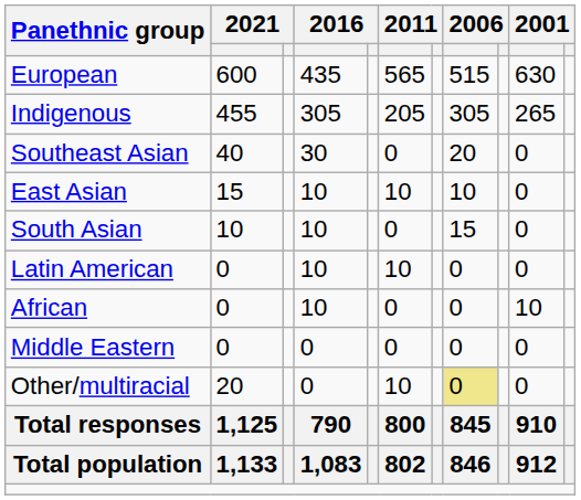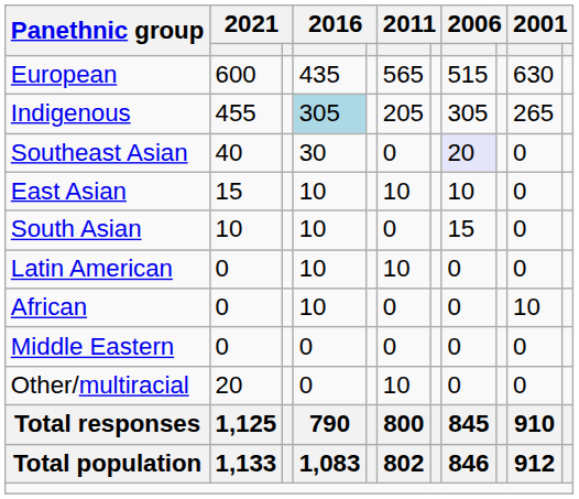 <table class="wikitable collapsible sortable">
 <tr>
 <th rowspan="2"><a href='#'>Panethnic</a> group</th>
 <th colspan="2">2021</th>
 <th colspan="2">2016</th>
 <th colspan="2">2011</th>
 <th colspan="2">2006</th>
 <th colspan="2">2001</th>
 </tr>
 <tr>
 <th><a href='#'></a></th>
 <th></th>
 <th></th>
 <th></th>
 <th></th>
 <th></th>
 <th></th>
 <th></th>
 <th></th>
 <th></th>
 </tr>
 <tr>
 <td><a href='#'>European</a></td>
 <td>600</td>
 <td></td>
 <td>435</td>
 <td></td>
 <td>565</td>
 <td></td>
 <td>515</td>
 <td></td>
 <td>630</td>
 <td></td>
 </tr>
 <tr>
 <td><a href='#'>Indigenous</a></td>
 <td>455</td>
 <td></td>
-<td>305</td>
+<td style="background: lightblue;">305</td>
 <td></td>
 <td>205</td>
 <td></td>
 <td>305</td>
 <td></td>
 <td>265</td>
 <td></td>
 </tr>
 <tr>
 <td><a href='#'>Southeast Asian</a></td>
 <td>40</td>
 <td></td>
 <td>30</td>
 <td></td>
 <td>0</td>
 <td></td>
-<td>20</td>
+<td style="background: lavender;">20</td>
 <td></td>
 <td>0</td>
 <td></td>
 </tr>
 <tr>
 <td><a href='#'>East Asian</a></td>
 <td>15</td>
 <td></td>
 <td>10</td>
 <td></td>
 <td>10</td>
 <td></td>
 <td>10</td>
 <td></td>
 <td>0</td>
 <td></td>
 </tr>
 <tr>
 <td><a href='#'>South Asian</a></td>
 <td>10</td>
 <td></td>
 <td>10</td>
 <td></td>
 <td>0</td>
 <td></td>
 <td>15</td>
 <td></td>
 <td>0</td>
 <td></td>
 </tr>
 <tr>
 <td><a href='#'>Latin American</a></td>
 <td>0</td>
 <td></td>
 <td>10</td>
 <td></td>
 <td>10</td>
 <td></td>
 <td>0</td>
 <td></td>
 <td>0</td>
 <td></td>
 </tr>
 <tr>
 <td><a href='#'>African</a></td>
 <td>0</td>
 <td></td>
 <td>10</td>
 <td></td>
 <td>0</td>
 <td></td>
 <td>0</td>
 <td></td>
 <td>10</td>
 <td></td>
 </tr>
 <tr>
 <td><a href='#'>Middle Eastern</a></td>
 <td>0</td>
 <td></td>
 <td>0</td>
 <td></td>
 <td>0</td>
 <td></td>
 <td>0</td>
 <td></td>
 <td>0</td>
 <td></td>
 </tr>
 <tr>
 <td>Other/<a href='#'>multiracial</a></td>
 <td>20</td>
 <td></td>
 <td>0</td>
 <td></td>
 <td>10</td>
 <td></td>
-<td style="background: khaki;">0</td>
+<td>0</td>
 <td></td>
 <td>0</td>
 <td></td>
 </tr>
 <tr>
 <th>Total responses</th>
 <th>1,125</th>
 <th></th>
 <th>790</th>
 <th></th>
 <th>800</th>
 <th></th>
 <th>845</th>
 <th></th>
 <th>910</th>
 <th></th>
 </tr>
 <tr class="sortbottom">
 <th>Total population</th>
 <th>1,133</th>
 <th></th>
 <th>1,083</th>
 <th></th>
 <th>802</th>
 <th></th>
 <th>846</th>
 <th></th>
 <th>912</th>
 <th></th>
 </tr>
 <tr class="sortbottom">
 <td colspan="11"></td>
 </tr>
 </table>
